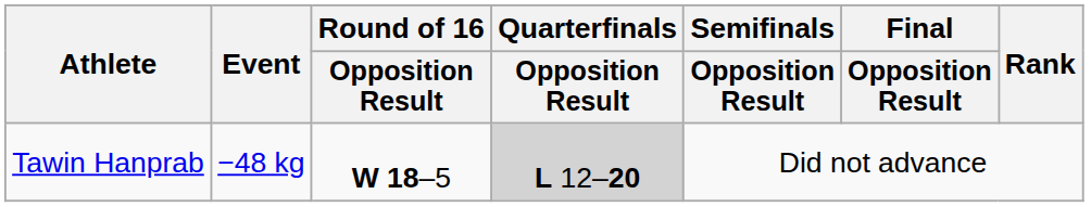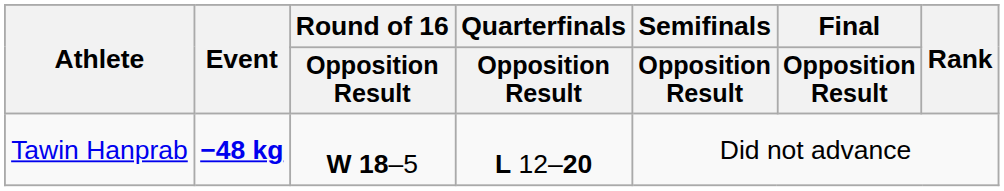 <table class="wikitable" style="font-size:90%;">
 <tr>
 <th rowspan=2>Athlete</th>
 <th rowspan=2>Event</th>
 <th>Round of 16</th>
 <th>Quarterfinals</th>
 <th>Semifinals</th>
 <th>Final</th>
 <th rowspan=2>Rank</th>
 </tr>
 <tr style="font-size:95%">
 <th>Opposition<br>Result</th>
 <th>Opposition<br>Result</th>
 <th>Opposition<br>Result</th>
 <th>Opposition<br>Result</th>
 </tr>
 <tr align=center>
 <td align=left><a href='#'>Tawin Hanprab</a></td>
-<td align=left><a href='#'>−48 kg</a></td>
+<td align=left><strong><a href='#'>−48 kg</a></strong></td>
 <td align=center><br><strong>W</strong> <strong>18</strong>–5</td>
-<td align=center style="background: lightgrey;"><br><strong>L</strong> 12–<strong>20</strong></td>
+<td align=center><br><strong>L</strong> 12–<strong>20</strong></td>
 <td colspan=3 align=center>Did not advance</td>
 </tr>
 </table>
